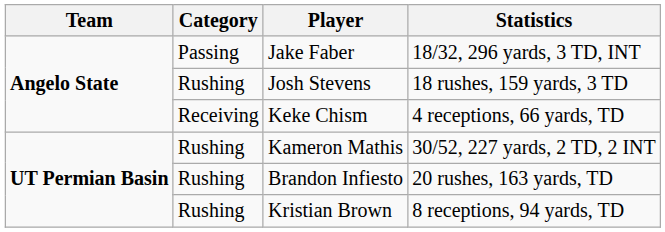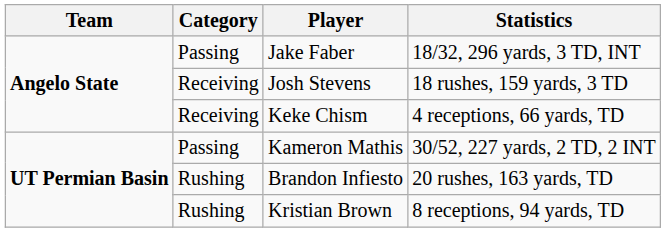 <table class="wikitable" style="float: right;">
 <tr>
 <th>Team</th>
 <th>Category</th>
 <th>Player</th>
 <th>Statistics</th>
 </tr>
 <tr>
 <td rowspan=3><strong>Angelo State</strong></td>
 <td>Passing</td>
 <td>Jake Faber</td>
 <td>18/32, 296 yards, 3 TD, INT</td>
 </tr>
 <tr>
-<td>Rushing</td>
+<td>Receiving</td>
 <td>Josh Stevens</td>
 <td>18 rushes, 159 yards, 3 TD</td>
 </tr>
 <tr>
 <td>Receiving</td>
 <td>Keke Chism</td>
 <td>4 receptions, 66 yards, TD</td>
 </tr>
 <tr>
 <td rowspan=3><strong>UT Permian Basin</strong></td>
-<td>Rushing</td>
+<td>Passing</td>
 <td>Kameron Mathis</td>
 <td>30/52, 227 yards, 2 TD, 2 INT</td>
 </tr>
 <tr>
 <td>Rushing</td>
 <td>Brandon Infiesto</td>
 <td>20 rushes, 163 yards, TD</td>
 </tr>
 <tr>
 <td>Rushing</td>
 <td>Kristian Brown</td>
 <td>8 receptions, 94 yards, TD</td>
 </tr>
 </table>
